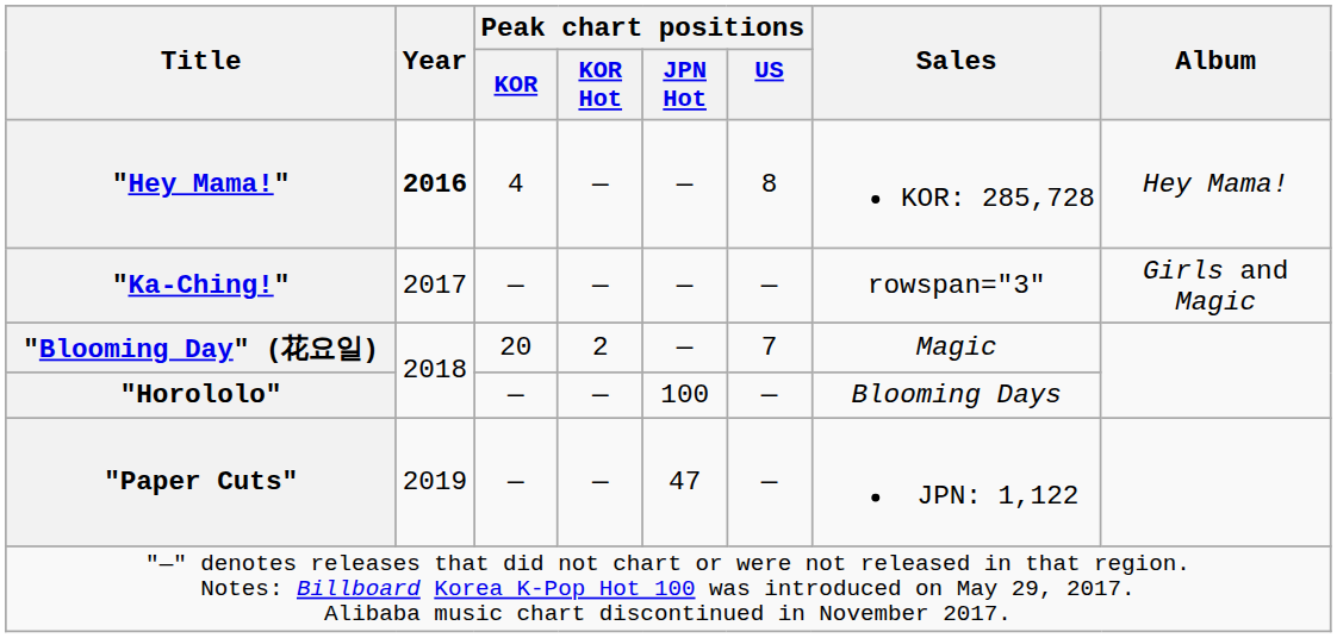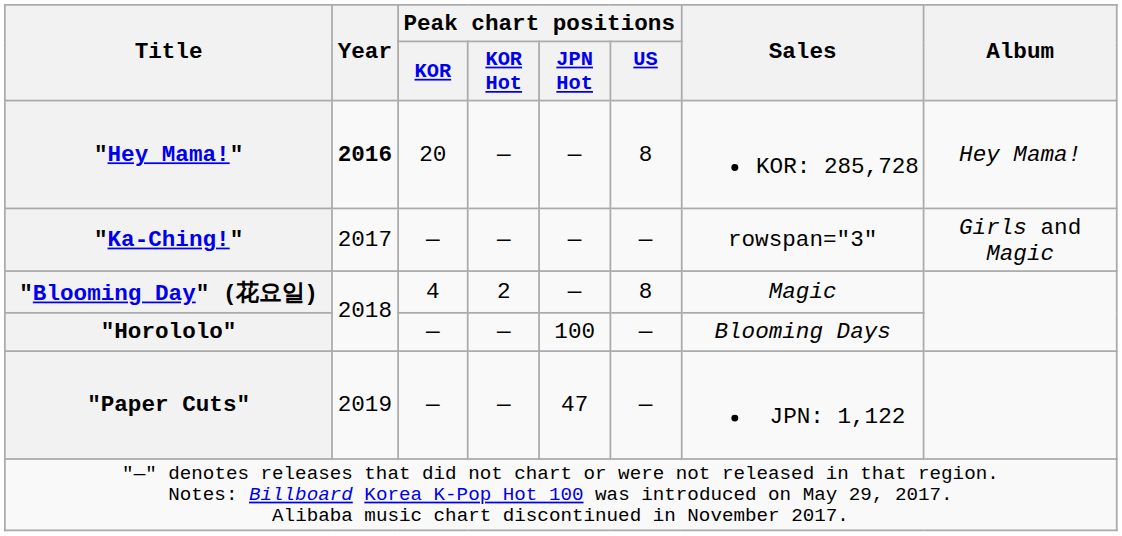 <table class="wikitable plainrowheaders" style="text-align:center">
 <tr>
 <th rowspan="2" style="width:14em">Title</th>
 <th rowspan="2">Year</th>
 <th colspan="4">Peak chart positions</th>
 <th rowspan="2">Sales</th>
 <th rowspan="2" style="width:8em">Album</th>
 </tr>
 <tr>
 <th scope="col" style="width:3em;font-size:90%"><a href='#'>KOR</a><br></th>
 <th scope="col" style="width:3em;font-size:90%"><a href='#'>KOR<br>Hot</a><br></th>
 <th scope="col" style="width:3em;font-size:90%"><a href='#'>JPN<br>Hot</a><br></th>
 <th scope="col" style="width:3em;font-size:90%"><a href='#'>US<br></a><br></th>
 </tr>
 <tr>
 <th scope="row">"<a href='#'>Hey Mama!</a>"</th>
 <td><strong>2016</strong></td>
-<td>4</td>
+<td>20</td>
 <td>—</td>
 <td>—</td>
 <td>8</td>
 <td><br><ul><li>KOR: 285,728</li></ul></td>
 <td><em>Hey Mama! </em></td>
 </tr>
 <tr>
 <th scope="row">"<a href='#'>Ka-Ching!</a>"</th>
 <td>2017</td>
 <td>—</td>
 <td>—</td>
 <td>—</td>
 <td>—</td>
 <td>rowspan="3" </td>
 <td><em>Girls</em> and <em>Magic</em></td>
 </tr>
 <tr>
 <th scope="row">"<a href='#'>Blooming Day</a>" (花요일)</th>
 <td rowspan="2">2018</td>
-<td>20</td>
+<td>4</td>
 <td>2</td>
 <td>—</td>
-<td>7</td>
+<td>8</td>
 <td><em>Magic</em></td>
 </tr>
 <tr>
 <th scope="row">"Horololo"</th>
 <td>—</td>
 <td>—</td>
 <td>100</td>
 <td>—</td>
 <td><em>Blooming Days</em></td>
 </tr>
 <tr>
 <th scope="row">"Paper Cuts"</th>
 <td>2019</td>
 <td>—</td>
 <td>—</td>
 <td>47</td>
 <td>—</td>
 <td><br><ul><li>JPN: 1,122</li></ul></td>
 <td></td>
 </tr>
 <tr>
 <td colspan="9" style="text-align:center; font-size:85%">"—" denotes releases that did not chart or were not released in that region.<br>Notes: <em><a href='#'>Billboard</a></em> <a href='#'>Korea K-Pop Hot 100</a> was introduced on May 29, 2017.<br>Alibaba music chart discontinued in November 2017.</td>
 </tr>
 </table>
